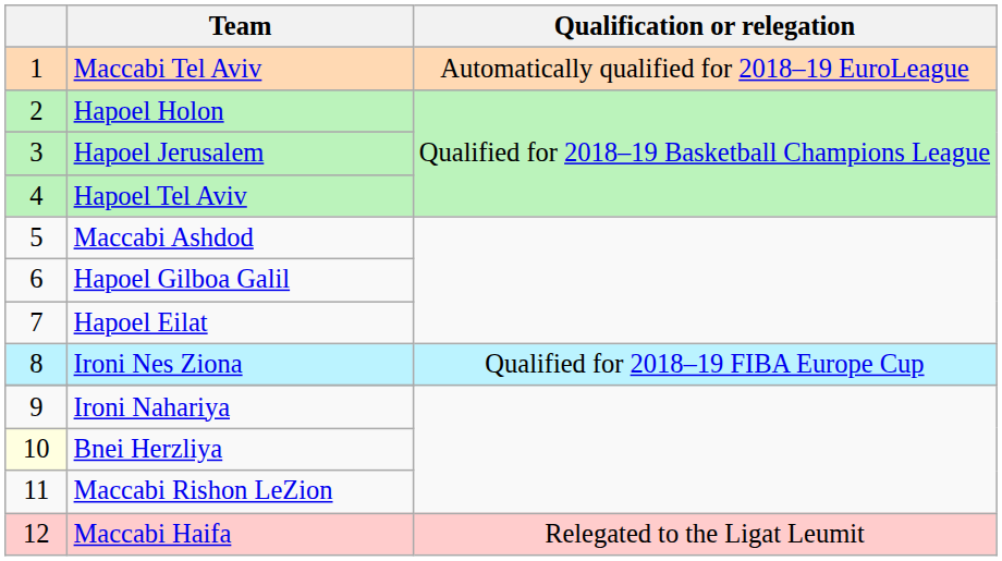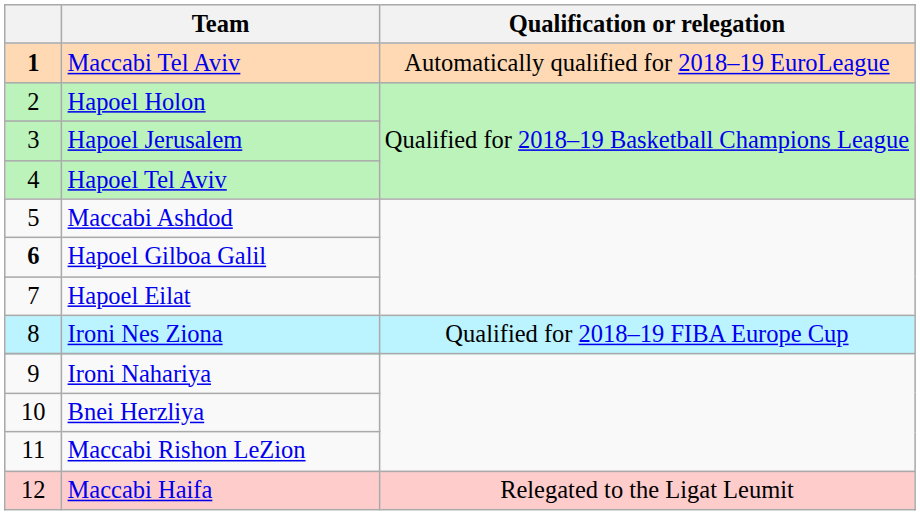 <table class="wikitable" style="text-align: center;">
 <tr>
 <th width=30></th>
 <th width=200>Team</th>
 <th>Qualification or relegation</th>
 </tr>
 <tr bgcolor="#ffd9b3">
-<td>1</td>
+<td><strong>1</strong></td>
 <td align=left><a href='#'>Maccabi Tel Aviv</a></td>
 <td>Automatically qualified for <a href='#'>2018–19 EuroLeague</a></td>
 </tr>
 <tr bgcolor="#bbf3bb">
 <td>2</td>
 <td align=left><a href='#'>Hapoel Holon</a></td>
 <td rowspan=3>Qualified for <a href='#'>2018–19 Basketball Champions League</a></td>
 </tr>
 <tr bgcolor="#bbf3bb">
 <td>3</td>
 <td align=left><a href='#'>Hapoel Jerusalem</a></td>
 </tr>
 <tr bgcolor="#BBF3BB">
 <td>4</td>
 <td align=left><a href='#'>Hapoel Tel Aviv</a></td>
 </tr>
 <tr>
 <td>5</td>
 <td align=left><a href='#'>Maccabi Ashdod</a></td>
 </tr>
 <tr>
-<td>6</td>
+<td><strong>6</strong></td>
 <td align=left><a href='#'>Hapoel Gilboa Galil</a></td>
 </tr>
 <tr>
 <td>7</td>
 <td align=left><a href='#'>Hapoel Eilat</a></td>
 </tr>
 <tr bgcolor="#BBF3FF">
 <td>8</td>
 <td align=left><a href='#'>Ironi Nes Ziona</a></td>
 <td rowspan=1>Qualified for <a href='#'>2018–19 FIBA Europe Cup</a></td>
 </tr>
 <tr bgcolor="#BBF3FF">
 </tr>
 <tr>
 <td>9</td>
 <td align=left><a href='#'>Ironi Nahariya</a></td>
 </tr>
 <tr>
-<td style="background: lightyellow;">10</td>
+<td>10</td>
 <td align=left><a href='#'>Bnei Herzliya</a></td>
 </tr>
 <tr>
 <td>11</td>
 <td align=left><a href='#'>Maccabi Rishon LeZion</a></td>
 </tr>
 <tr bgcolor=#fcc>
 <td>12</td>
 <td align=left><a href='#'>Maccabi Haifa</a></td>
 <td>Relegated to the Ligat Leumit</td>
 </tr>
 </table>
